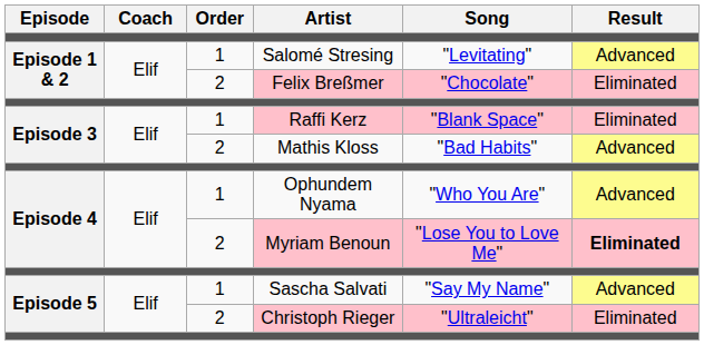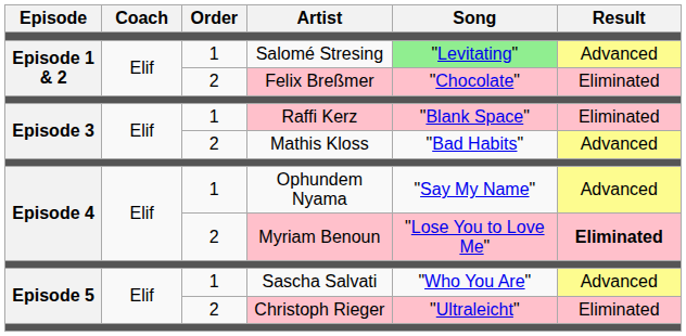 <table class="wikitable" style="text-align: center; width:100%">
 <tr>
 <th scope="col" style="width:09%">Episode</th>
 <th style="width:08%">Coach</th>
 <th style="width:04%">Order</th>
 <th style="width:16%">Artist</th>
 <th style="width:18%">Song</th>
 <th style="width:12%">Result</th>
 </tr>
 <tr>
 <td colspan="6" style="background:#555"></td>
 </tr>
 <tr>
 <th rowspan="2">Episode 1 & 2<br></th>
 <td rowspan="2" scope="row">Elif</td>
 <td>1</td>
 <td>Salomé Stresing</td>
-<td>"<a href='#'>Levitating</a>"</td>
+<td style="background: lightgreen;">"<a href='#'>Levitating</a>"</td>
 <td style="background:#fdfc8f">Advanced</td>
 </tr>
 <tr>
 <td>2</td>
 <td style="background:pink">Felix Breßmer</td>
 <td style="background:pink">"<a href='#'>Chocolate</a>"</td>
 <td style="background:pink">Eliminated</td>
 </tr>
 <tr>
 <td colspan="6" style="background:#555"></td>
 </tr>
 <tr>
 <th rowspan="2">Episode 3 <br></th>
 <td rowspan="2" scope="row">Elif</td>
 <td>1</td>
 <td style="background:pink">Raffi Kerz</td>
 <td style="background:pink">"<a href='#'>Blank Space</a>"</td>
 <td style="background:pink">Eliminated</td>
 </tr>
 <tr>
 <td>2</td>
 <td>Mathis Kloss</td>
 <td>"<a href='#'>Bad Habits</a>"</td>
 <td style="background:#fdfc8f">Advanced</td>
 </tr>
 <tr>
 <td colspan="6" style="background:#555"></td>
 </tr>
 <tr>
 <th rowspan="2">Episode 4 <br></th>
 <td rowspan="2" scope="row">Elif</td>
 <td>1</td>
 <td>Ophundem Nyama</td>
-<td>"<a href='#'>Who You Are</a>"</td>
+<td>"<a href='#'>Say My Name</a>"</td>
 <td style="background:#fdfc8f">Advanced</td>
 </tr>
 <tr>
 <td>2</td>
 <td style="background:pink">Myriam Benoun</td>
 <td style="background:pink">"<a href='#'>Lose You to Love Me</a>"</td>
 <td style="background:pink"><strong>Eliminated</strong></td>
 </tr>
 <tr>
 <td colspan="6" style="background:#555"></td>
 </tr>
 <tr>
 <th rowspan="2">Episode 5 <br></th>
 <td rowspan="2" scope="row">Elif</td>
 <td>1</td>
 <td>Sascha Salvati</td>
-<td>"<a href='#'>Say My Name</a>"</td>
+<td>"<a href='#'>Who You Are</a>"</td>
 <td style="background:#fdfc8f">Advanced</td>
 </tr>
 <tr>
 <td>2</td>
 <td style="background:pink">Christoph Rieger</td>
 <td style="background:pink">"<a href='#'>Ultraleicht</a>"</td>
 <td style="background:pink">Eliminated</td>
 </tr>
 <tr>
 <td colspan="6" style="background:#555"></td>
 </tr>
 <tr>
 </tr>
 </table>
